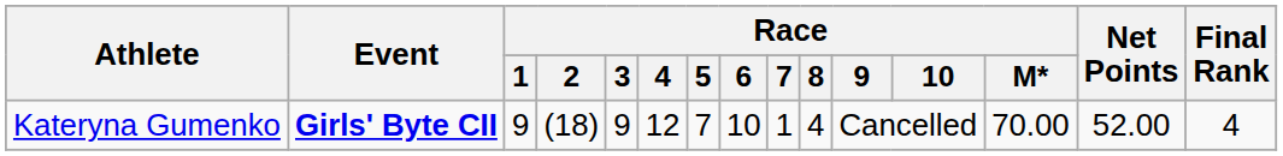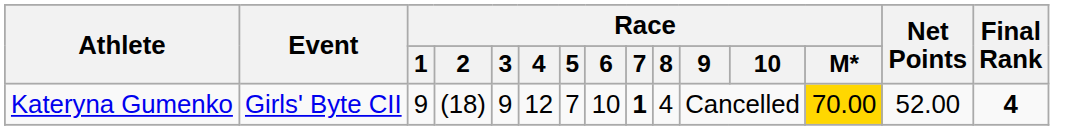 <table class="wikitable" style="font-size:90%">
 <tr>
 <th rowspan="2">Athlete</th>
 <th rowspan="2">Event</th>
 <th colspan=11>Race</th>
 <th rowspan=2>Net<br>Points</th>
 <th rowspan=2>Final <br>Rank</th>
 </tr>
 <tr style="font-size:95%">
 <th>1</th>
 <th>2</th>
 <th>3</th>
 <th>4</th>
 <th>5</th>
 <th>6</th>
 <th>7</th>
 <th>8</th>
 <th>9</th>
 <th>10</th>
 <th>M*</th>
 </tr>
 <tr align=center>
 <td align=left><a href='#'>Kateryna Gumenko</a></td>
-<td align=left><strong><a href='#'>Girls' Byte CII</a></strong></td>
+<td align=left><a href='#'>Girls' Byte CII</a></td>
 <td>9</td>
 <td>(18)</td>
 <td>9</td>
 <td>12</td>
 <td>7</td>
 <td>10</td>
-<td>1</td>
+<td><strong>1</strong></td>
 <td>4</td>
 <td colspan=2>Cancelled</td>
-<td>70.00</td>
+<td style="background: gold;">70.00</td>
 <td>52.00</td>
-<td>4</td>
+<td><strong>4</strong></td>
 </tr>
 </table>
